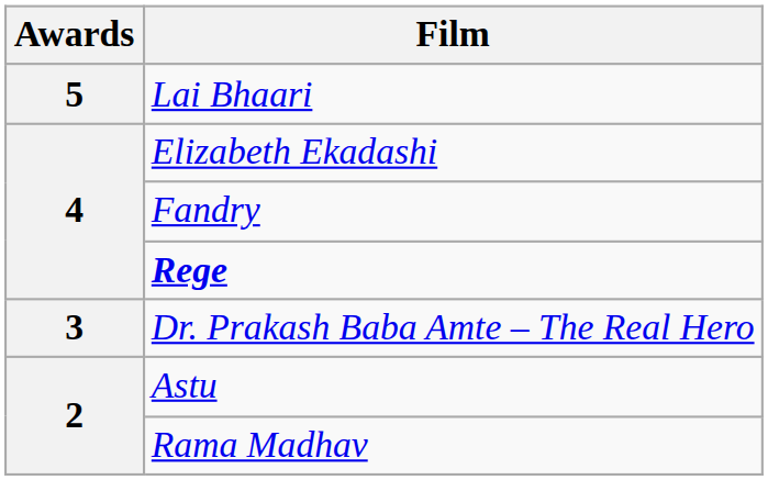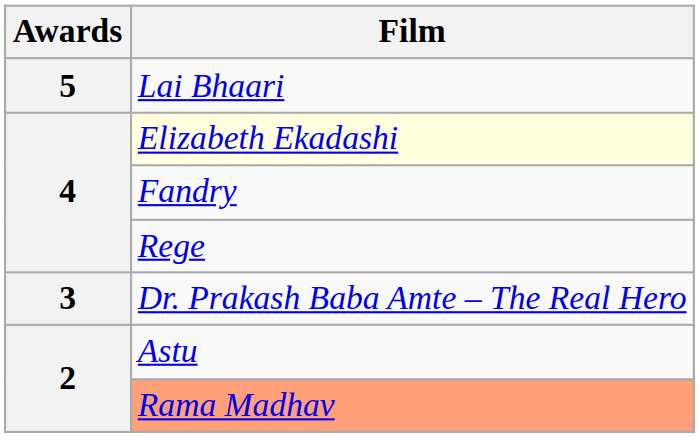 <table class="wikitable" style="display:inline-table;">
 <tr>
 <th>Awards</th>
 <th>Film</th>
 </tr>
 <tr>
 <th scope=row>5</th>
 <td><em><a href='#'>Lai Bhaari</a></em></td>
 </tr>
 <tr>
 <th rowspan="3">4</th>
-<td><em><a href='#'>Elizabeth Ekadashi</a></em></td>
+<td style="background: lightyellow;"><em><a href='#'>Elizabeth Ekadashi</a></em></td>
 </tr>
 <tr>
 <td><em><a href='#'>Fandry</a></em></td>
 </tr>
 <tr>
-<td><strong><em><a href='#'>Rege</a></em></strong></td>
+<td><em><a href='#'>Rege</a></em></td>
 </tr>
 <tr>
 <th>3</th>
 <td><em><a href='#'>Dr. Prakash Baba Amte – The Real Hero</a></em></td>
 </tr>
 <tr>
 <th rowspan="2">2</th>
 <td><em><a href='#'>Astu</a></em></td>
 </tr>
 <tr>
-<td><em><a href='#'>Rama Madhav</a></em></td>
+<td style="background: lightsalmon;"><em><a href='#'>Rama Madhav</a></em></td>
 </tr>
 </table>
